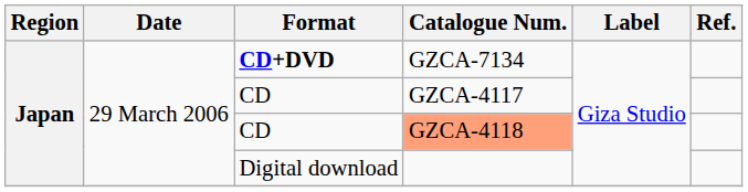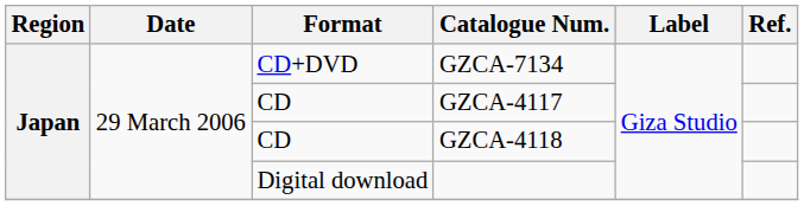 <table class="wikitable sortable plainrowheaders">
 <tr>
 <th scope="col">Region</th>
 <th scope="col">Date</th>
 <th scope="col">Format</th>
 <th scope="col">Catalogue Num.</th>
 <th scope="col">Label</th>
 <th scope="col">Ref.</th>
 </tr>
 <tr>
 <th scope="row" rowspan="4">Japan</th>
 <td rowspan="4">29 March 2006</td>
-<td><strong><a href='#'>CD</a>+DVD </strong></td>
+<td><a href='#'>CD</a>+DVD </td>
 <td>GZCA-7134</td>
 <td rowspan="4"><a href='#'>Giza Studio</a></td>
 <td></td>
 </tr>
 <tr>
 <td>CD </td>
 <td>GZCA-4117</td>
 <td></td>
 </tr>
 <tr>
 <td>CD </td>
-<td style="background: lightsalmon;">GZCA-4118</td>
+<td>GZCA-4118</td>
 <td></td>
 </tr>
 <tr>
 <td>Digital download</td>
 <td></td>
 <td></td>
 </tr>
 <tr>
 </tr>
 </table>
